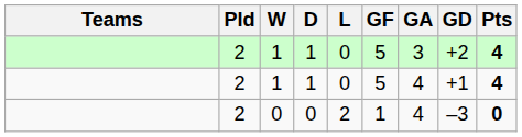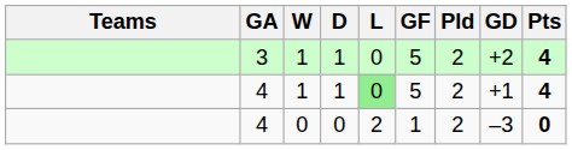 <table class="wikitable" style="text-align: center;">
 <tr>
 <th width=165>Teams</th>
-<th width=20>Pld</th>
+<th width=20>GA</th>
 <th width=20>W</th>
 <th width=20>D</th>
 <th width=20>L</th>
 <th width=20>GF</th>
-<th width=20>GA</th>
+<th width=20>Pld</th>
 <th width=20>GD</th>
 <th width=20>Pts</th>
 </tr>
 <tr align=center style="background:#ccffcc;">
 <td style="text-align:left;"></td>
-<td>2</td>
+<td>3</td>
 <td>1</td>
 <td>1</td>
 <td>0</td>
 <td>5</td>
-<td>3</td>
+<td>2</td>
 <td>+2</td>
 <td><strong>4</strong></td>
 </tr>
 <tr align=center>
 <td style="text-align:left;"></td>
-<td>2</td>
+<td>4</td>
 <td>1</td>
 <td>1</td>
-<td>0</td>
+<td style="background: lightgreen;">0</td>
 <td>5</td>
-<td>4</td>
+<td>2</td>
 <td>+1</td>
 <td><strong>4</strong></td>
 </tr>
 <tr align=center>
 <td style="text-align:left;"></td>
-<td>2</td>
+<td>4</td>
 <td>0</td>
 <td>0</td>
 <td>2</td>
 <td>1</td>
-<td>4</td>
+<td>2</td>
 <td>–3</td>
 <td><strong>0</strong></td>
 </tr>
 </table>
